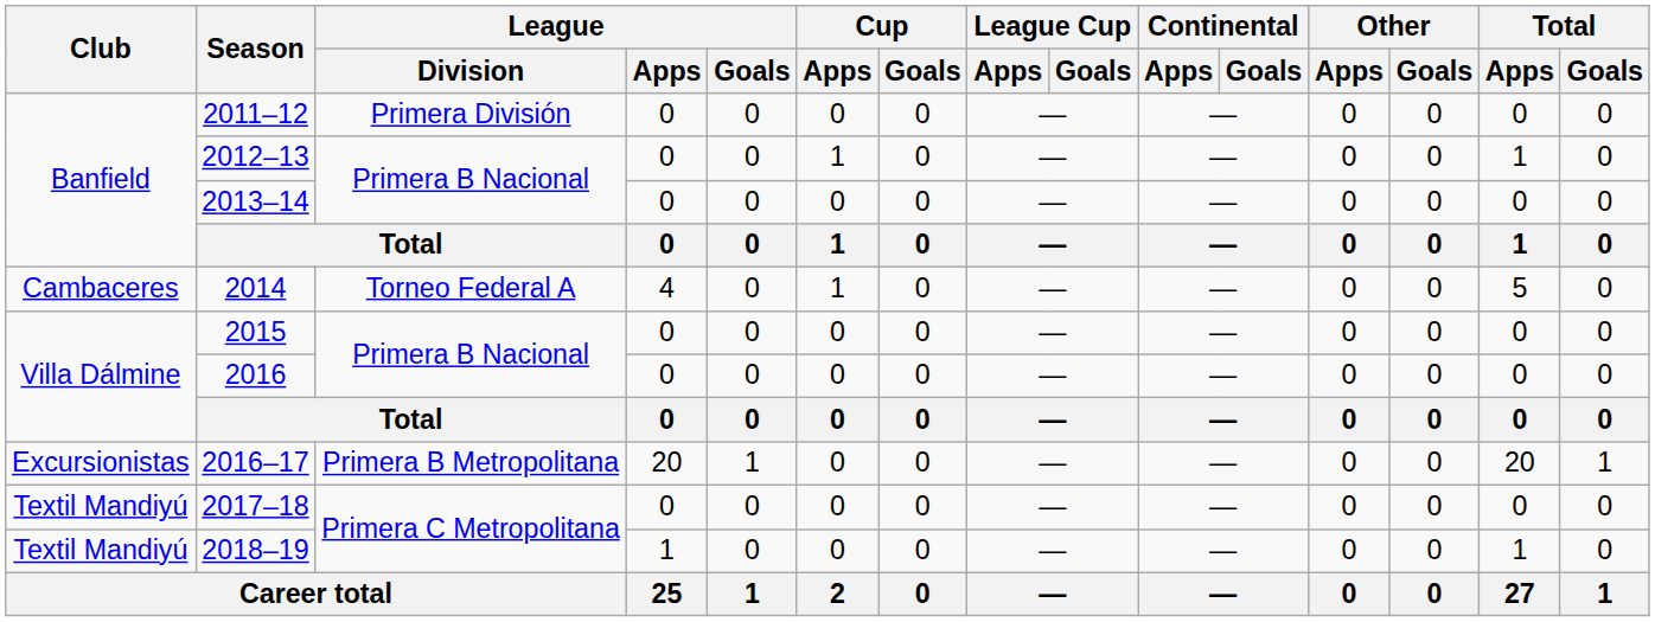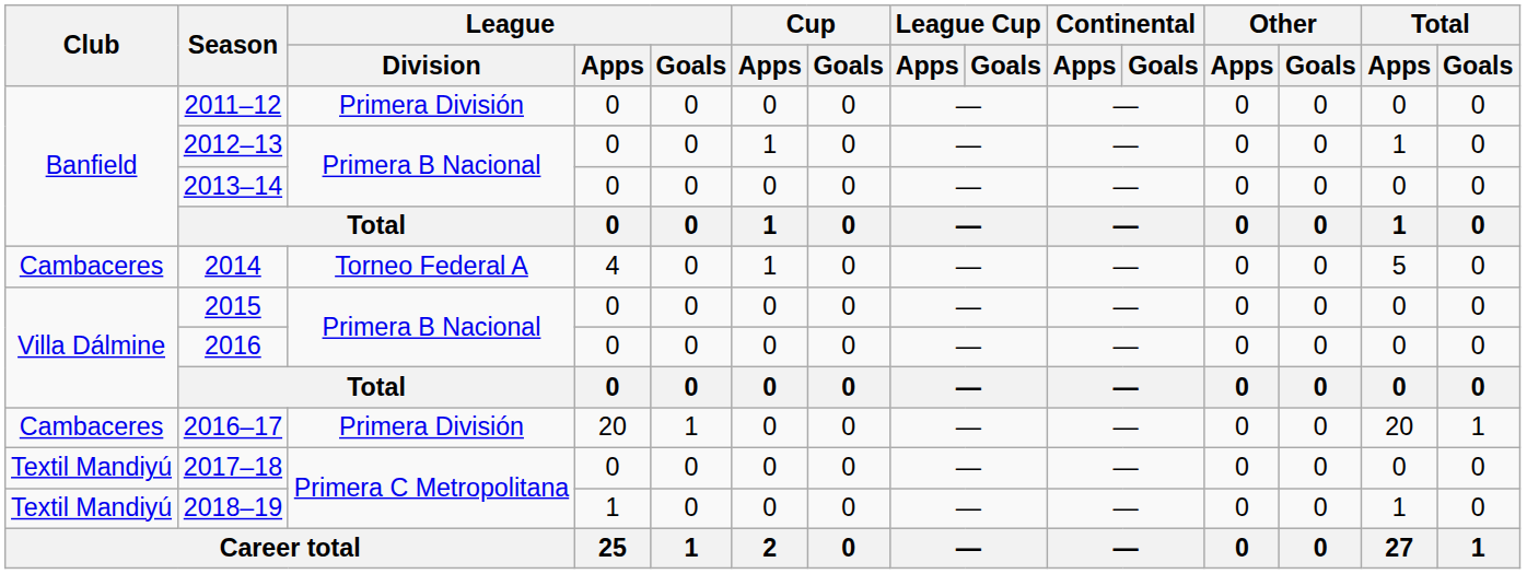 <table class="wikitable" style="text-align:center">
 <tr>
 <th rowspan="2">Club</th>
 <th rowspan="2">Season</th>
 <th colspan="3">League</th>
 <th colspan="2">Cup</th>
 <th colspan="2">League Cup</th>
 <th colspan="2">Continental</th>
 <th colspan="2">Other</th>
 <th colspan="2">Total</th>
 </tr>
 <tr>
 <th>Division</th>
 <th>Apps</th>
 <th>Goals</th>
 <th>Apps</th>
 <th>Goals</th>
 <th>Apps</th>
 <th>Goals</th>
 <th>Apps</th>
 <th>Goals</th>
 <th>Apps</th>
 <th>Goals</th>
 <th>Apps</th>
 <th>Goals</th>
 </tr>
 <tr>
 <td rowspan="4"><a href='#'>Banfield</a></td>
 <td><a href='#'>2011–12</a></td>
 <td rowspan="1"><a href='#'>Primera División</a></td>
 <td>0</td>
 <td>0</td>
 <td>0</td>
 <td>0</td>
 <td colspan="2">—</td>
 <td colspan="2">—</td>
 <td>0</td>
 <td>0</td>
 <td>0</td>
 <td>0</td>
 </tr>
 <tr>
 <td><a href='#'>2012–13</a></td>
 <td rowspan="2"><a href='#'>Primera B Nacional</a></td>
 <td>0</td>
 <td>0</td>
 <td>1</td>
 <td>0</td>
 <td colspan="2">—</td>
 <td colspan="2">—</td>
 <td>0</td>
 <td>0</td>
 <td>1</td>
 <td>0</td>
 </tr>
 <tr>
 <td><a href='#'>2013–14</a></td>
 <td>0</td>
 <td>0</td>
 <td>0</td>
 <td>0</td>
 <td colspan="2">—</td>
 <td colspan="2">—</td>
 <td>0</td>
 <td>0</td>
 <td>0</td>
 <td>0</td>
 </tr>
 <tr>
 <th colspan="2">Total</th>
 <th>0</th>
 <th>0</th>
 <th>1</th>
 <th>0</th>
 <th colspan="2">—</th>
 <th colspan="2">—</th>
 <th>0</th>
 <th>0</th>
 <th>1</th>
 <th>0</th>
 </tr>
 <tr>
 <td rowspan="1"><a href='#'>Cambaceres</a></td>
 <td><a href='#'>2014</a></td>
 <td rowspan="1"><a href='#'>Torneo Federal A</a></td>
 <td>4</td>
 <td>0</td>
 <td>1</td>
 <td>0</td>
 <td colspan="2">—</td>
 <td colspan="2">—</td>
 <td>0</td>
 <td>0</td>
 <td>5</td>
 <td>0</td>
 </tr>
 <tr>
 <td rowspan="3"><a href='#'>Villa Dálmine</a></td>
 <td><a href='#'>2015</a></td>
 <td rowspan="2"><a href='#'>Primera B Nacional</a></td>
 <td>0</td>
 <td>0</td>
 <td>0</td>
 <td>0</td>
 <td colspan="2">—</td>
 <td colspan="2">—</td>
 <td>0</td>
 <td>0</td>
 <td>0</td>
 <td>0</td>
 </tr>
 <tr>
 <td><a href='#'>2016</a></td>
 <td>0</td>
 <td>0</td>
 <td>0</td>
 <td>0</td>
 <td colspan="2">—</td>
 <td colspan="2">—</td>
 <td>0</td>
 <td>0</td>
 <td>0</td>
 <td>0</td>
 </tr>
 <tr>
 <th colspan="2">Total</th>
 <th>0</th>
 <th>0</th>
 <th>0</th>
 <th>0</th>
 <th colspan="2">—</th>
 <th colspan="2">—</th>
 <th>0</th>
 <th>0</th>
 <th>0</th>
 <th>0</th>
 </tr>
 <tr>
-<td rowspan="1"><a href='#'>Excursionistas</a></td>
+<td rowspan="1"><a href='#'>Cambaceres</a></td>
 <td><a href='#'>2016–17</a></td>
-<td rowspan="1"><a href='#'>Primera B Metropolitana</a></td>
+<td rowspan="1"><a href='#'>Primera División</a></td>
 <td>20</td>
 <td>1</td>
 <td>0</td>
 <td>0</td>
 <td colspan="2">—</td>
 <td colspan="2">—</td>
 <td>0</td>
 <td>0</td>
 <td>20</td>
 <td>1</td>
 </tr>
 <tr>
 <td rowspan="1"><a href='#'>Textil Mandiyú</a></td>
 <td><a href='#'>2017–18</a></td>
 <td rowspan="2"><a href='#'>Primera C Metropolitana</a></td>
 <td>0</td>
 <td>0</td>
 <td>0</td>
 <td>0</td>
 <td colspan="2">—</td>
 <td colspan="2">—</td>
 <td>0</td>
 <td>0</td>
 <td>0</td>
 <td>0</td>
 </tr>
 <tr>
 <td rowspan="1"><a href='#'>Textil Mandiyú</a></td>
 <td><a href='#'>2018–19</a></td>
 <td>1</td>
 <td>0</td>
 <td>0</td>
 <td>0</td>
 <td colspan="2">—</td>
 <td colspan="2">—</td>
 <td>0</td>
 <td>0</td>
 <td>1</td>
 <td>0</td>
 </tr>
 <tr>
 <th colspan="3">Career total</th>
 <th>25</th>
 <th>1</th>
 <th>2</th>
 <th>0</th>
 <th colspan="2">—</th>
 <th colspan="2">—</th>
 <th>0</th>
 <th>0</th>
 <th>27</th>
 <th>1</th>
 </tr>
 </table>
